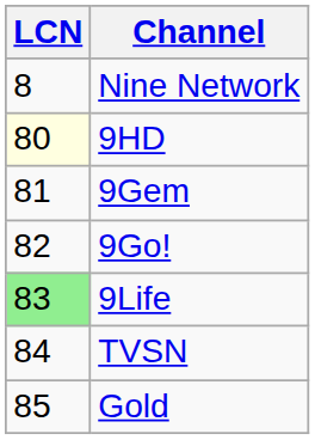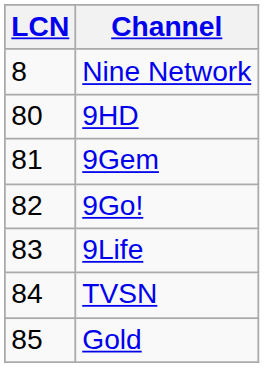 <table class="wikitable">
 <tr>
 <th><a href='#'>LCN</a></th>
 <th><a href='#'>Channel</a></th>
 </tr>
 <tr>
 <td>8</td>
 <td><a href='#'>Nine Network</a></td>
 </tr>
 <tr>
-<td style="background: lightyellow;">80</td>
+<td>80</td>
 <td><a href='#'>9HD</a></td>
 </tr>
 <tr>
 <td>81</td>
 <td><a href='#'>9Gem</a></td>
 </tr>
 <tr>
 <td>82</td>
 <td><a href='#'>9Go!</a></td>
 </tr>
 <tr>
-<td style="background: lightgreen;">83</td>
+<td>83</td>
 <td><a href='#'>9Life</a></td>
 </tr>
 <tr>
 <td>84</td>
 <td><a href='#'>TVSN</a></td>
 </tr>
 <tr>
 <td>85</td>
 <td><a href='#'>Gold</a></td>
 </tr>
 </table>
